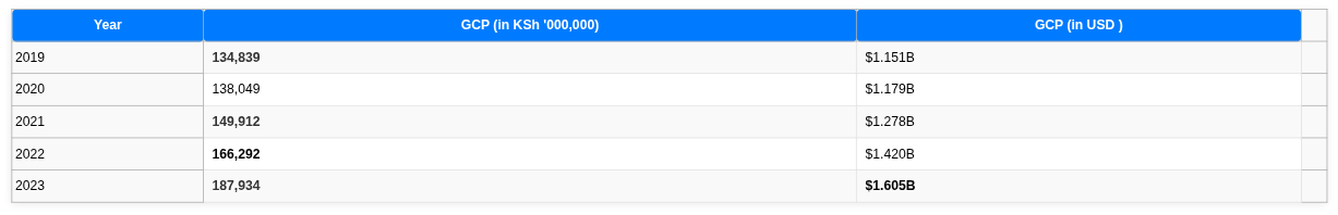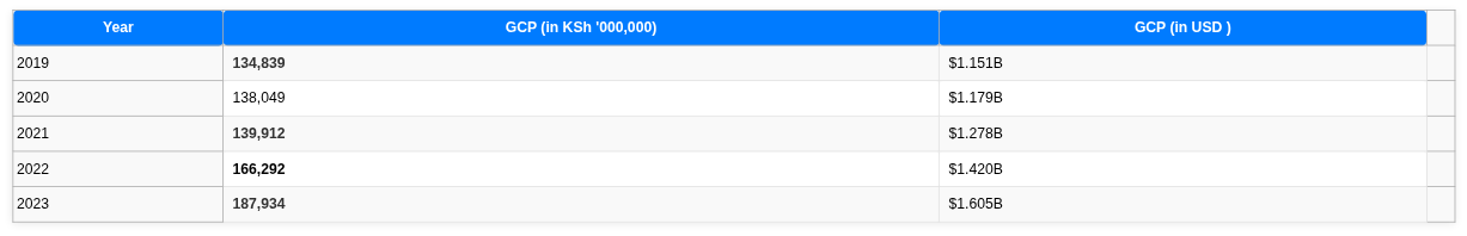 <table class="wikitable" style="width: 80%; border-collapse: collapse; margin: auto; font-family: 'Segoe UI', Tahoma, Geneva, sans-serif; box-shadow: 0 2px 10px rgba(0, 0, 0, 0.1);">
 <tr>
 <th style="background-color: #007BFF; color: white; padding: 10px; border-radius: 5px;">Year</th>
 <th style="background-color: #007BFF; color: white; padding: 10px; border-radius: 5px;">GCP (in KSh '000,000)</th>
 <th style="background-color: #007BFF; color: white; padding: 10px; border-radius: 5px;">GCP (in USD )</th>
 </tr>
 <tr>
 <td>2019</td>
 <td style="background-color: #f9f9f9; padding: 10px; border: 1px solid #e0e0e0; border-radius: 5px; font-weight: bold; color: #333;">134,839</td>
 <td style="background-color: #f9f9f9; padding: 10px; border: 1px solid #e0e0e0; border-radius: 5px;">$1.151B</td>
 <td></td>
 </tr>
 <tr>
 <td>2020</td>
 <td style="background-color: #ffffff; padding: 10px; border: 1px solid #e0e0e0; border-radius: 5px;">138,049</td>
 <td style="background-color: #ffffff; padding: 10px; border: 1px solid #e0e0e0; border-radius: 5px;">$1.179B</td>
 <td></td>
 </tr>
 <tr>
 <td>2021</td>
-<td style="background-color: #f9f9f9; padding: 10px; border: 1px solid #e0e0e0; border-radius: 5px; font-weight: bold; color: #333;">149,912</td>
+<td style="background-color: #f9f9f9; padding: 10px; border: 1px solid #e0e0e0; border-radius: 5px; font-weight: bold; color: #333;">139,912</td>
 <td style="background-color: #f9f9f9; padding: 10px; border: 1px solid #e0e0e0; border-radius: 5px;">$1.278B</td>
 <td></td>
 </tr>
 <tr>
 <td>2022</td>
 <td style="background-color: #ffffff; padding: 10px; border: 1px solid #e0e0e0; border-radius: 5px;"><strong>166,292</strong></td>
 <td style="background-color: #ffffff; padding: 10px; border: 1px solid #e0e0e0; border-radius: 5px;">$1.420B</td>
 <td></td>
 </tr>
 <tr>
 <td>2023</td>
 <td style="background-color: #f9f9f9; padding: 10px; border: 1px solid #e0e0e0; border-radius: 5px; font-weight: bold; color: #333;">187,934</td>
-<td style="background-color: #f9f9f9; padding: 10px; border: 1px solid #e0e0e0; border-radius: 5px;"><strong>$1.605B</strong></td>
+<td style="background-color: #f9f9f9; padding: 10px; border: 1px solid #e0e0e0; border-radius: 5px;">$1.605B</td>
 <td></td>
 </tr>
 </table>
